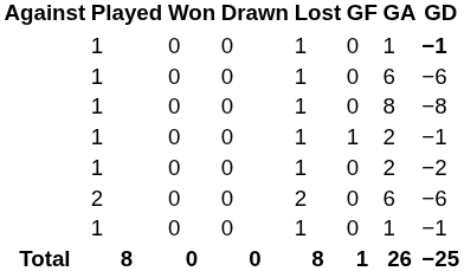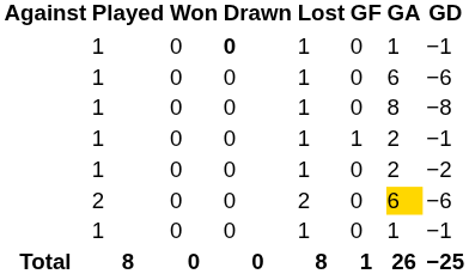 <table class="sortable collapsible ">
 <tr>
 <th>Against</th>
 <th>Played</th>
 <th>Won</th>
 <th>Drawn</th>
 <th>Lost</th>
 <th>GF</th>
 <th>GA</th>
 <th>GD</th>
 </tr>
 <tr bgcolor="#d0ffd0" align="center">
 </tr>
 <tr>
 <td align="left"></td>
 <td>1</td>
 <td>0</td>
-<td>0</td>
+<td><strong>0</strong></td>
 <td>1</td>
 <td>0</td>
 <td>1</td>
-<td><strong>−1</strong></td>
+<td>−1</td>
 </tr>
 <tr>
 <td align="left"></td>
 <td>1</td>
 <td>0</td>
 <td>0</td>
 <td>1</td>
 <td>0</td>
 <td>6</td>
 <td>−6</td>
 </tr>
 <tr>
 <td align="left"></td>
 <td>1</td>
 <td>0</td>
 <td>0</td>
 <td>1</td>
 <td>0</td>
 <td>8</td>
 <td>−8</td>
 </tr>
 <tr>
 <td align="left"></td>
 <td>1</td>
 <td>0</td>
 <td>0</td>
 <td>1</td>
 <td>1</td>
 <td>2</td>
 <td>−1</td>
 </tr>
 <tr>
 <td align="left"></td>
 <td>1</td>
 <td>0</td>
 <td>0</td>
 <td>1</td>
 <td>0</td>
 <td>2</td>
 <td>−2</td>
 </tr>
 <tr>
 <td align="left"></td>
 <td>2</td>
 <td>0</td>
 <td>0</td>
 <td>2</td>
 <td>0</td>
-<td>6</td>
+<td style="background: gold;">6</td>
 <td>−6</td>
 </tr>
 <tr>
 <td align="left"></td>
 <td>1</td>
 <td>0</td>
 <td>0</td>
 <td>1</td>
 <td>0</td>
 <td>1</td>
 <td>−1</td>
 </tr>
 <tr class="sortbottom">
 <th>Total</th>
 <th>8</th>
 <th>0</th>
 <th>0</th>
 <th>8</th>
 <th>1</th>
 <th>26</th>
 <th>−25</th>
 </tr>
 </table>
